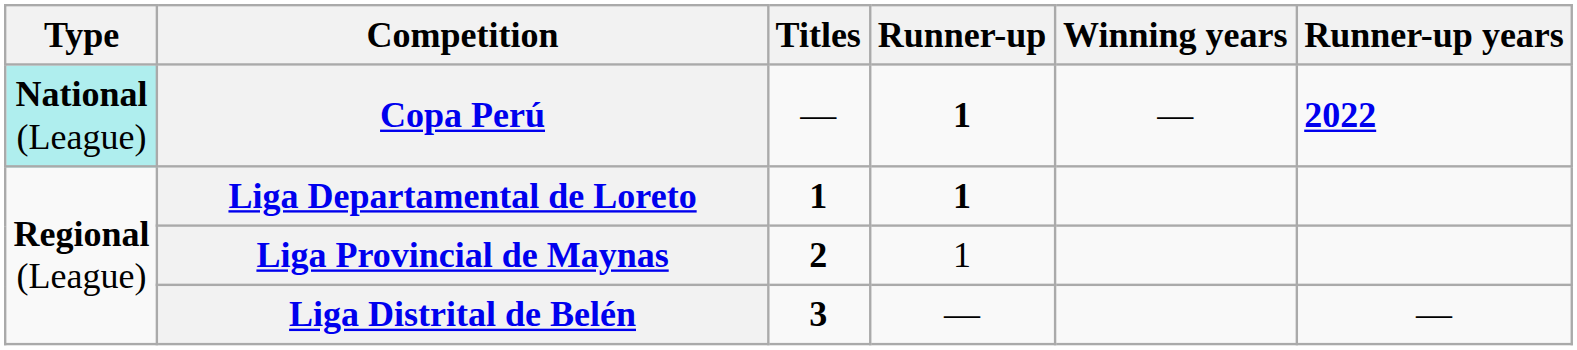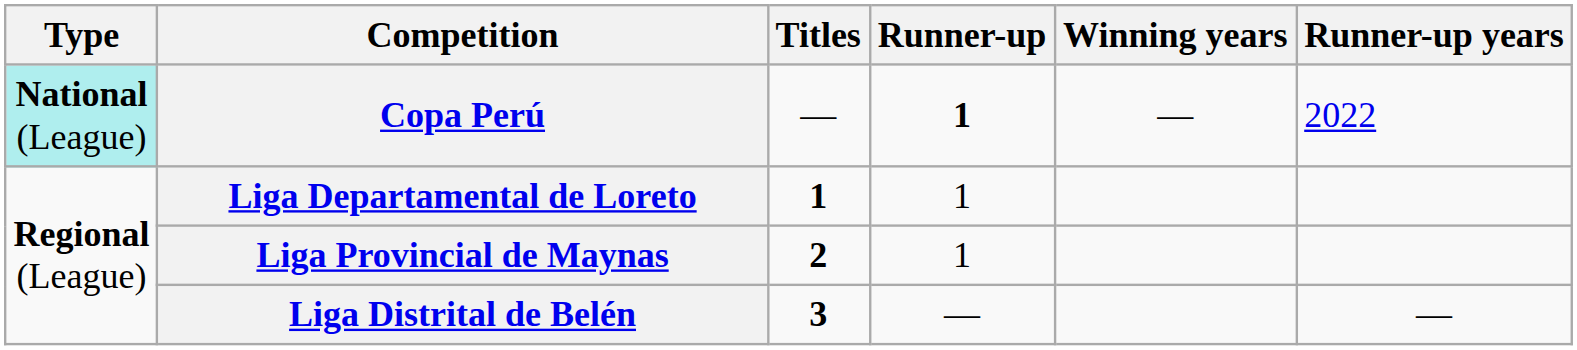 <table class="wikitable plainrowheaders" style="font-size:95%; text-align:center;">
 <tr>
 <th>Type</th>
 <th width=250px>Competition</th>
 <th>Titles</th>
 <th>Runner-up</th>
 <th>Winning years</th>
 <th>Runner-up years</th>
 </tr>
 <tr>
 <td rowspan=1 style="background: paleturquoise;"><strong>National</strong><br>(League)</td>
 <th scope="col"><a href='#'>Copa Perú</a></th>
 <td style="text-align:center;">—</td>
 <td><strong>1</strong></td>
 <td style="text-align:center;">—</td>
-<td align="left"><strong><a href='#'>2022</a></strong></td>
+<td align="left"><a href='#'>2022</a></td>
 </tr>
 <tr>
 <td rowspan="3"><strong>Regional</strong><br>(League)</td>
 <th><a href='#'>Liga Departamental de Loreto</a></th>
 <td><strong>1</strong></td>
-<td><strong>1</strong></td>
+<td>1</td>
 <td></td>
 <td></td>
 </tr>
 <tr>
 <th><a href='#'>Liga Provincial de Maynas</a></th>
 <td><strong>2</strong></td>
 <td>1</td>
 <td></td>
 <td></td>
 </tr>
 <tr>
 <th><a href='#'>Liga Distrital de Belén</a></th>
 <td><strong>3</strong></td>
 <td style="text-align:center;">—</td>
 <td></td>
 <td style="text-align:center;">—</td>
 </tr>
 </table>
